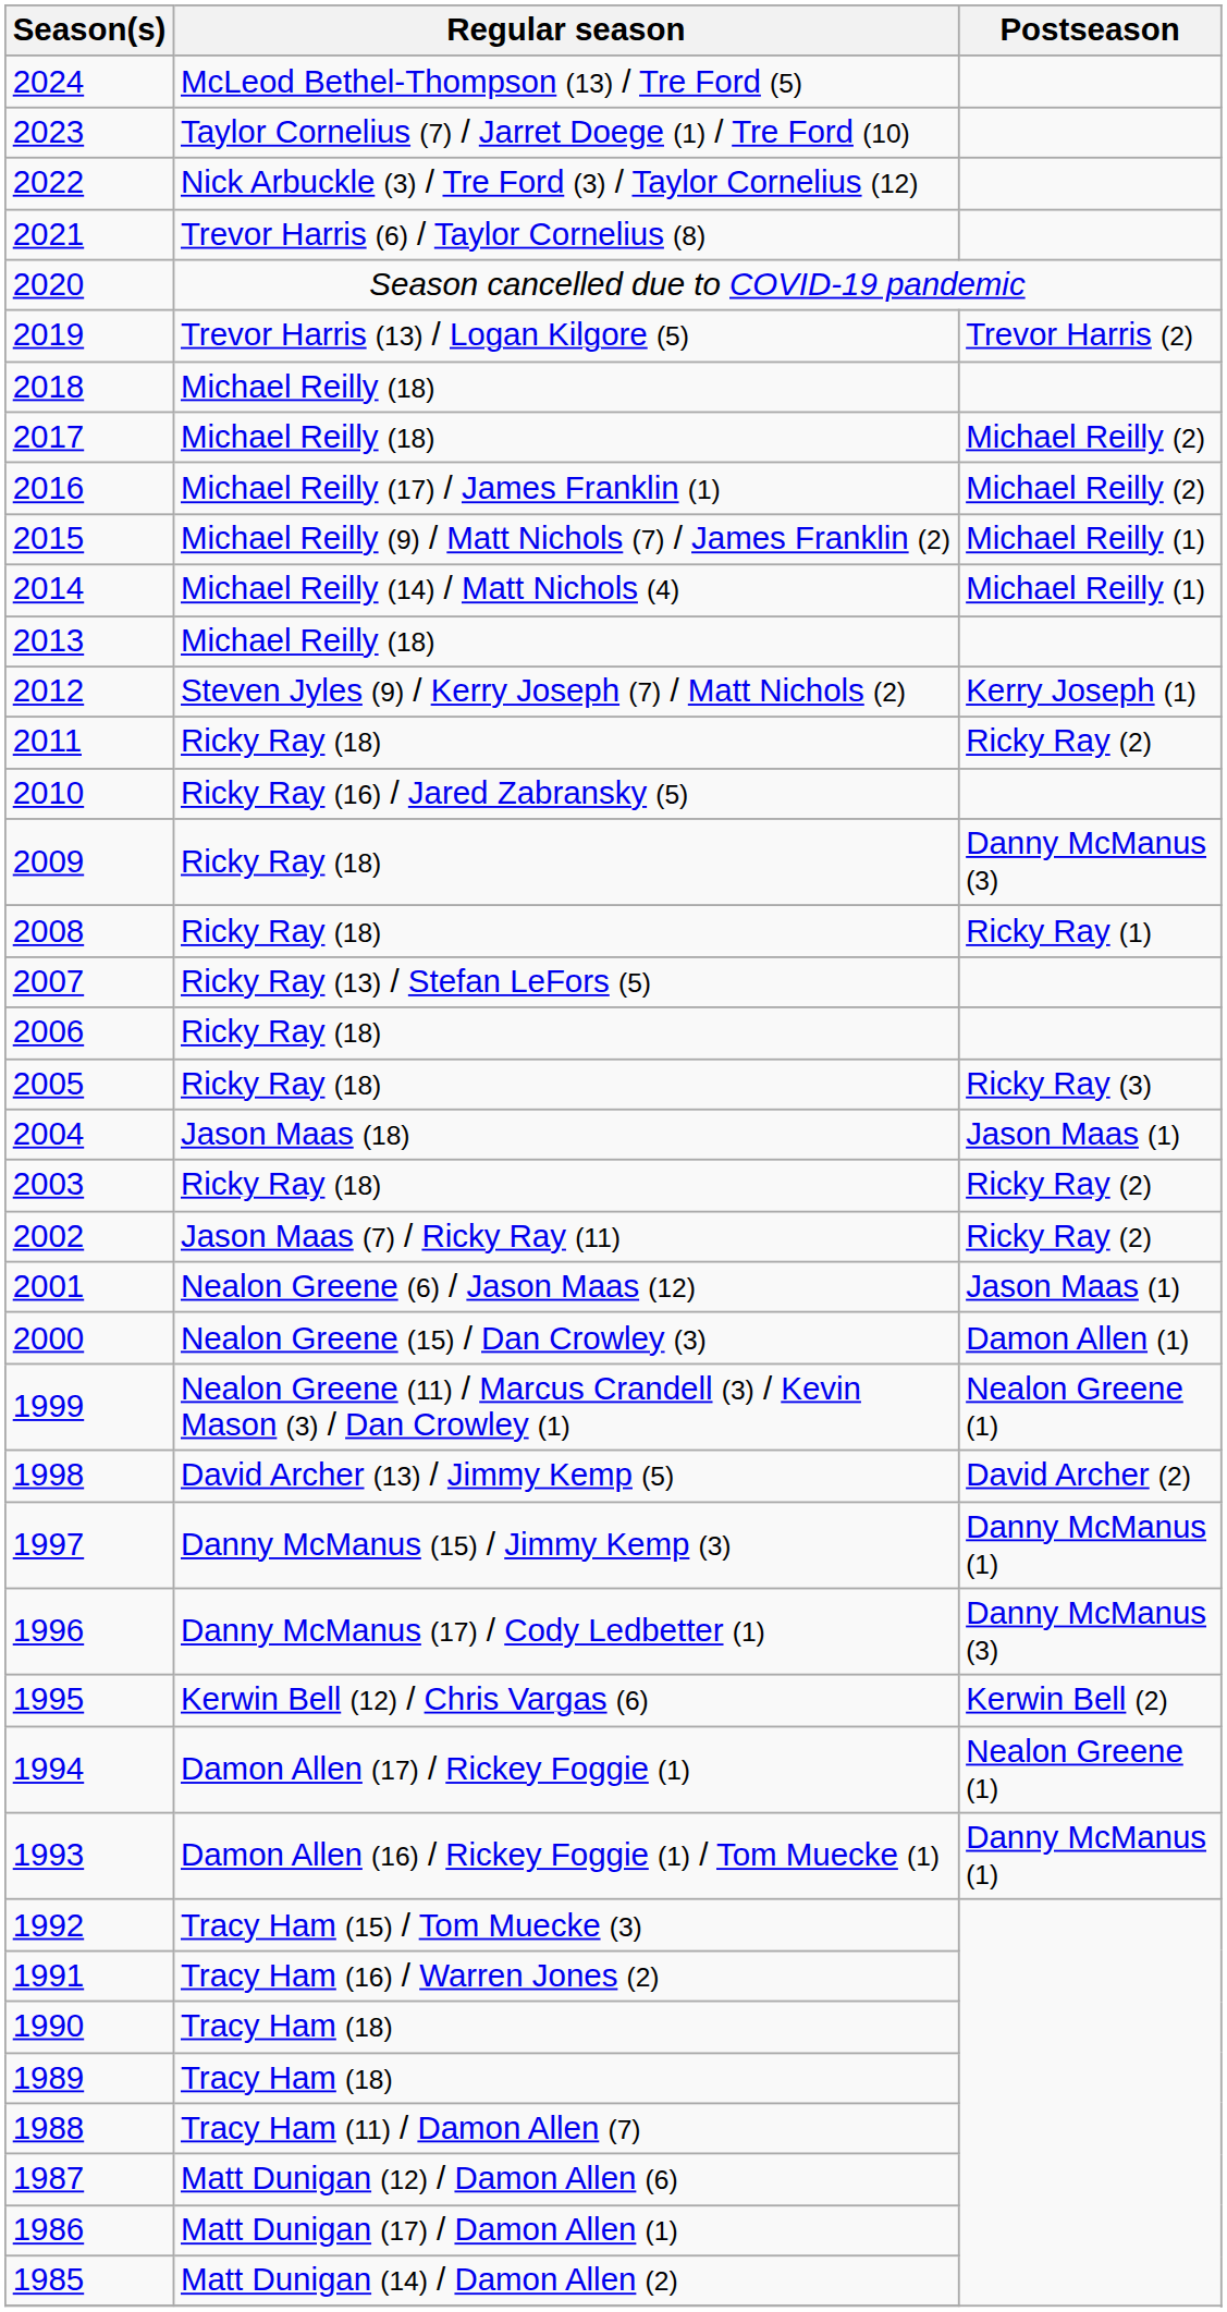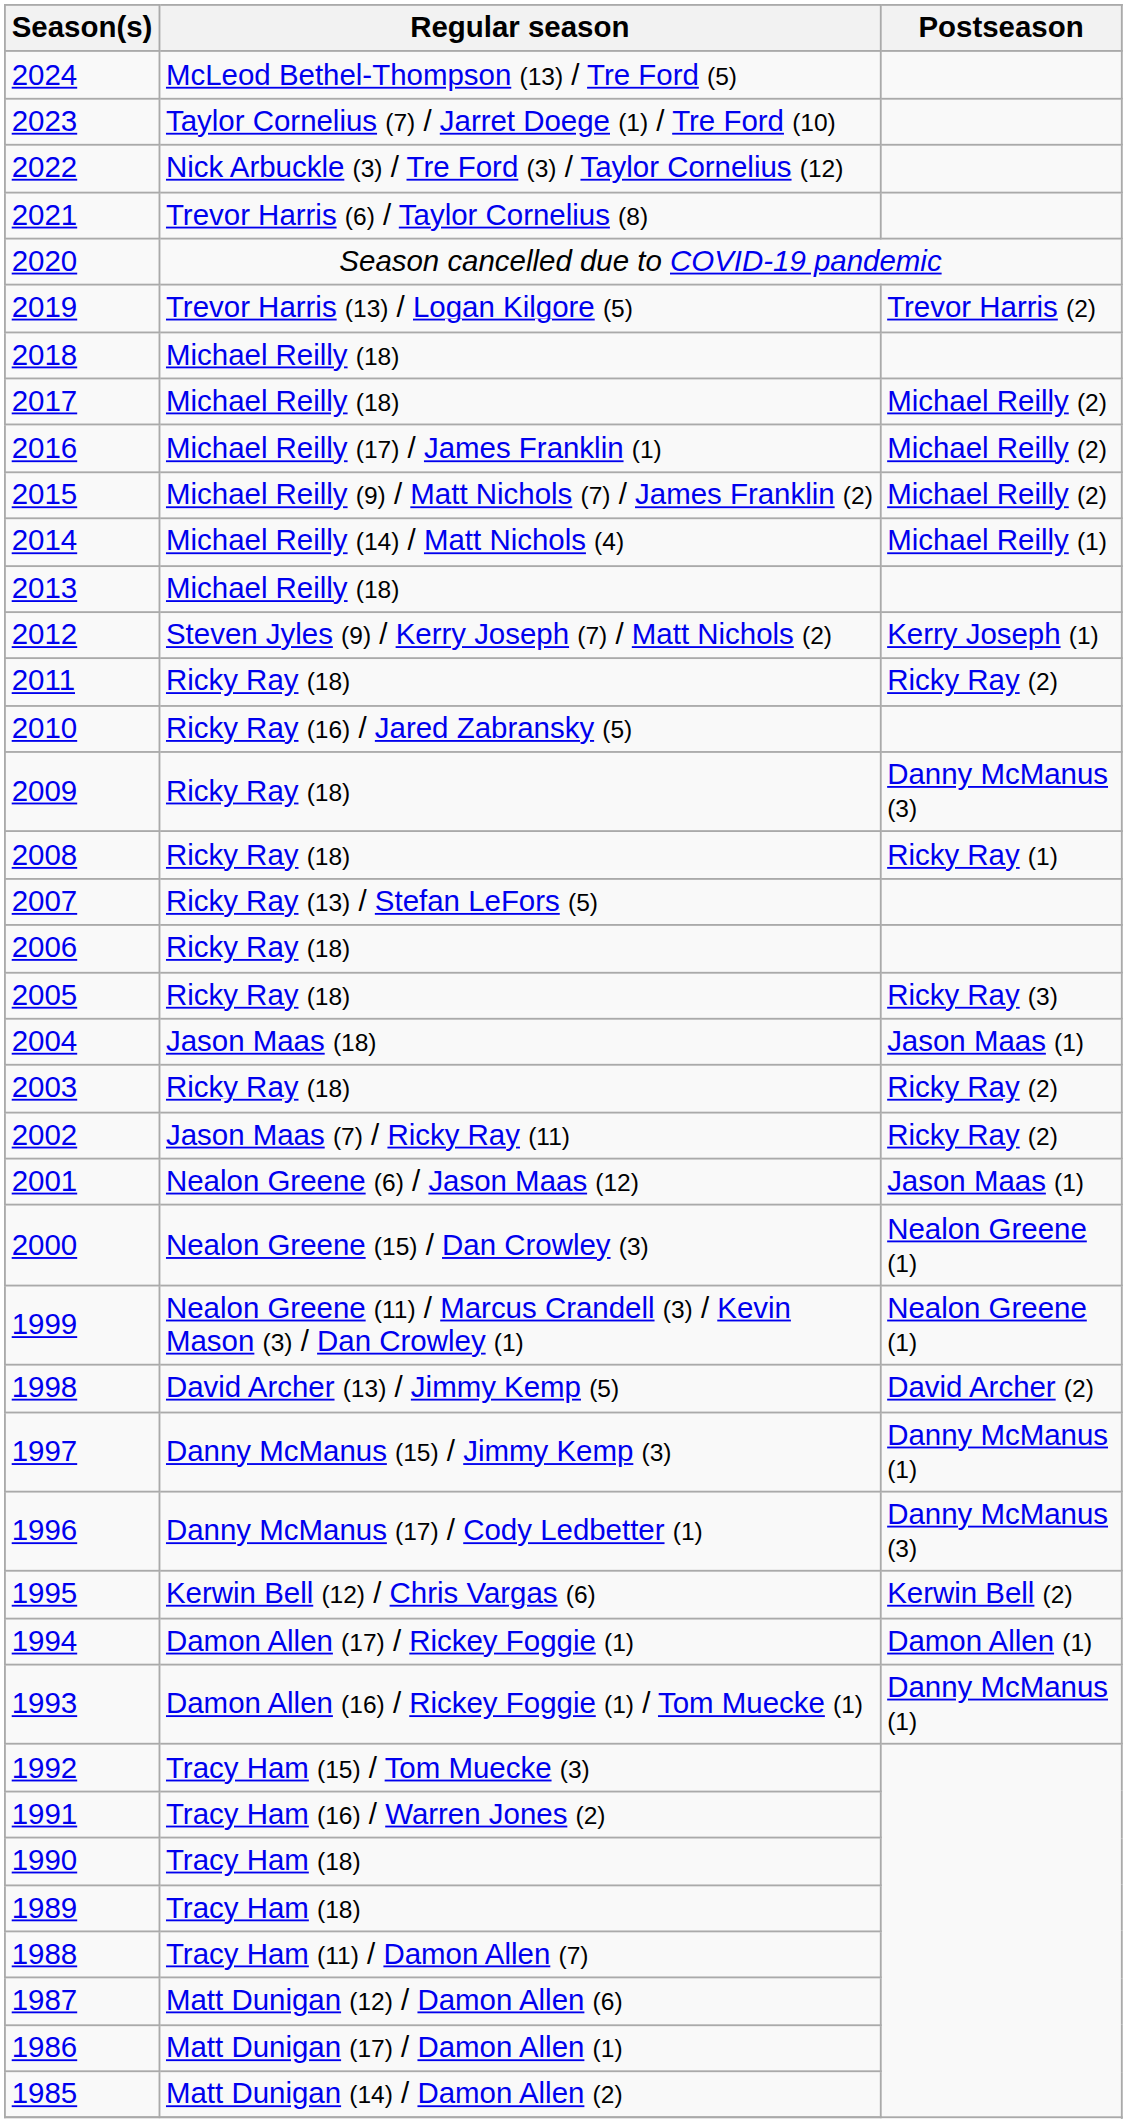 <table class="wikitable sortable">
 <tr>
 <th>Season(s)</th>
 <th>Regular season</th>
 <th>Postseason</th>
 </tr>
 <tr>
 <td align=left><a href='#'>2024</a></td>
 <td align=left><a href='#'>McLeod Bethel-Thompson</a> <small>(13)</small> / <a href='#'>Tre Ford</a> <small>(5)</small></td>
 <td></td>
 </tr>
 <tr>
 <td align=left><a href='#'>2023</a></td>
 <td align=left><a href='#'>Taylor Cornelius</a> <small>(7)</small> / <a href='#'>Jarret Doege</a> <small>(1)</small> / <a href='#'>Tre Ford</a> <small>(10)</small></td>
 <td></td>
 </tr>
 <tr>
 <td align=left><a href='#'>2022</a></td>
 <td align=left><a href='#'>Nick Arbuckle</a> <small>(3)</small> / <a href='#'>Tre Ford</a> <small>(3)</small> / <a href='#'>Taylor Cornelius</a> <small>(12)</small></td>
 <td></td>
 </tr>
 <tr>
 <td align=left><a href='#'>2021</a></td>
 <td align=left><a href='#'>Trevor Harris</a> <small>(6)</small> / <a href='#'>Taylor Cornelius</a> <small>(8)</small></td>
 <td></td>
 </tr>
 <tr>
 <td><a href='#'>2020</a></td>
 <td align="center" colSpan="2"><em>Season cancelled due to <a href='#'>COVID-19 pandemic</a></em></td>
 </tr>
 <tr>
 <td align=left><a href='#'>2019</a></td>
 <td align=left><a href='#'>Trevor Harris</a> <small>(13)</small> / <a href='#'>Logan Kilgore</a> <small>(5)</small></td>
 <td align=left><a href='#'>Trevor Harris</a> <small>(2)</small></td>
 </tr>
 <tr>
 <td align=left><a href='#'>2018</a></td>
 <td align=left><a href='#'>Michael Reilly</a> <small>(18)</small></td>
 <td></td>
 </tr>
 <tr>
 <td align=left><a href='#'>2017</a></td>
 <td align=left><a href='#'>Michael Reilly</a> <small>(18)</small></td>
 <td><a href='#'>Michael Reilly</a> <small>(2)</small></td>
 </tr>
 <tr>
 <td align=left><a href='#'>2016</a></td>
 <td align=left><a href='#'>Michael Reilly</a> <small>(17)</small> / <a href='#'>James Franklin</a> <small>(1)</small></td>
 <td align=left><a href='#'>Michael Reilly</a> <small>(2)</small></td>
 </tr>
 <tr>
 <td align=left><a href='#'>2015</a></td>
 <td align=left><a href='#'>Michael Reilly</a> <small>(9)</small> / <a href='#'>Matt Nichols</a> <small>(7)</small> / <a href='#'>James Franklin</a> <small>(2)</small></td>
-<td align=left><a href='#'>Michael Reilly</a> <small>(1)</small></td>
+<td align=left><a href='#'>Michael Reilly</a> <small>(2)</small></td>
 </tr>
 <tr>
 <td align=left><a href='#'>2014</a></td>
 <td align=left><a href='#'>Michael Reilly</a> <small>(14)</small> / <a href='#'>Matt Nichols</a> <small>(4)</small></td>
 <td align=left><a href='#'>Michael Reilly</a> <small>(1)</small></td>
 </tr>
 <tr>
 <td align=left><a href='#'>2013</a></td>
 <td align=left><a href='#'>Michael Reilly</a> <small>(18)</small></td>
 <td></td>
 </tr>
 <tr>
 <td align=left><a href='#'>2012</a></td>
 <td align=left><a href='#'>Steven Jyles</a> <small>(9)</small> / <a href='#'>Kerry Joseph</a> <small>(7)</small> / <a href='#'>Matt Nichols</a> <small>(2)</small></td>
 <td align=left><a href='#'>Kerry Joseph</a> <small>(1)</small></td>
 </tr>
 <tr>
 <td align=left><a href='#'>2011</a></td>
 <td align=left><a href='#'>Ricky Ray</a> <small>(18)</small></td>
 <td align=left><a href='#'>Ricky Ray</a> <small>(2)</small></td>
 </tr>
 <tr>
 <td align=left><a href='#'>2010</a></td>
 <td align=left><a href='#'>Ricky Ray</a> <small>(16)</small> / <a href='#'>Jared Zabransky</a> <small>(5)</small></td>
 <td></td>
 </tr>
 <tr>
 <td align=left><a href='#'>2009</a></td>
 <td align=left><a href='#'>Ricky Ray</a> <small>(18)</small></td>
 <td><a href='#'>Danny McManus</a> <small>(3)</small></td>
 </tr>
 <tr>
 <td align=left><a href='#'>2008</a></td>
 <td align=left><a href='#'>Ricky Ray</a> <small>(18)</small></td>
 <td align=left><a href='#'>Ricky Ray</a> <small>(1)</small></td>
 </tr>
 <tr>
 <td align=left><a href='#'>2007</a></td>
 <td align=left><a href='#'>Ricky Ray</a> <small>(13)</small> / <a href='#'>Stefan LeFors</a> <small>(5)</small></td>
 <td></td>
 </tr>
 <tr>
 <td align=left><a href='#'>2006</a></td>
 <td align=left><a href='#'>Ricky Ray</a> <small>(18)</small></td>
 <td></td>
 </tr>
 <tr>
 <td align=left><a href='#'>2005</a></td>
 <td align=left><a href='#'>Ricky Ray</a> <small>(18)</small></td>
 <td align=left><a href='#'>Ricky Ray</a> <small>(3)</small></td>
 </tr>
 <tr>
 <td align=left><a href='#'>2004</a></td>
 <td align=left><a href='#'>Jason Maas</a> <small>(18)</small></td>
 <td align=left><a href='#'>Jason Maas</a> <small>(1)</small></td>
 </tr>
 <tr>
 <td align=left><a href='#'>2003</a></td>
 <td align=left><a href='#'>Ricky Ray</a> <small>(18)</small></td>
 <td align=left><a href='#'>Ricky Ray</a> <small>(2)</small></td>
 </tr>
 <tr>
 <td align=left><a href='#'>2002</a></td>
 <td align=left><a href='#'>Jason Maas</a> <small>(7)</small> / <a href='#'>Ricky Ray</a> <small>(11)</small></td>
 <td align=left><a href='#'>Ricky Ray</a> <small>(2)</small></td>
 </tr>
 <tr>
 <td align=left><a href='#'>2001</a></td>
 <td align=left><a href='#'>Nealon Greene</a> <small>(6)</small> / <a href='#'>Jason Maas</a> <small>(12)</small></td>
 <td><a href='#'>Jason Maas</a> <small>(1)</small></td>
 </tr>
 <tr>
 <td align=left><a href='#'>2000</a></td>
 <td align=left><a href='#'>Nealon Greene</a> <small>(15)</small> / <a href='#'>Dan Crowley</a> <small>(3)</small></td>
-<td><a href='#'>Damon Allen</a> <small>(1)</small></td>
+<td><a href='#'>Nealon Greene</a> <small>(1)</small></td>
 </tr>
 <tr>
 <td align=left><a href='#'>1999</a></td>
 <td align=left><a href='#'>Nealon Greene</a> <small>(11)</small> / <a href='#'>Marcus Crandell</a> <small>(3)</small> / <a href='#'>Kevin Mason</a> <small>(3)</small> / <a href='#'>Dan Crowley</a> <small>(1)</small></td>
 <td><a href='#'>Nealon Greene</a> <small>(1)</small></td>
 </tr>
 <tr>
 <td align=left><a href='#'>1998</a></td>
 <td align=left><a href='#'>David Archer</a> <small>(13)</small> / <a href='#'>Jimmy Kemp</a> <small>(5)</small></td>
 <td><a href='#'>David Archer</a> <small>(2)</small></td>
 </tr>
 <tr>
 <td align=left><a href='#'>1997</a></td>
 <td align=left><a href='#'>Danny McManus</a> <small>(15)</small> / <a href='#'>Jimmy Kemp</a> <small>(3)</small></td>
 <td><a href='#'>Danny McManus</a> <small>(1)</small></td>
 </tr>
 <tr>
 <td align=left><a href='#'>1996</a></td>
 <td align=left><a href='#'>Danny McManus</a> <small>(17)</small> / <a href='#'>Cody Ledbetter</a> <small>(1)</small></td>
 <td><a href='#'>Danny McManus</a> <small>(3)</small></td>
 </tr>
 <tr>
 <td align=left><a href='#'>1995</a></td>
 <td align=left><a href='#'>Kerwin Bell</a> <small>(12)</small> / <a href='#'>Chris Vargas</a> <small>(6)</small></td>
 <td><a href='#'>Kerwin Bell</a> <small>(2)</small></td>
 </tr>
 <tr>
 <td align=left><a href='#'>1994</a></td>
 <td align=left><a href='#'>Damon Allen</a> <small>(17)</small> / <a href='#'>Rickey Foggie</a> <small>(1)</small></td>
-<td><a href='#'>Nealon Greene</a> <small>(1)</small></td>
+<td><a href='#'>Damon Allen</a> <small>(1)</small></td>
 </tr>
 <tr>
 <td align=left><a href='#'>1993</a></td>
 <td align=left><a href='#'>Damon Allen</a> <small>(16)</small> / <a href='#'>Rickey Foggie</a> <small>(1)</small> / <a href='#'>Tom Muecke</a> <small>(1)</small></td>
 <td><a href='#'>Danny McManus</a> <small>(1)</small></td>
 </tr>
 <tr>
 <td align=left><a href='#'>1992</a></td>
 <td align=left><a href='#'>Tracy Ham</a> <small>(15)</small> / <a href='#'>Tom Muecke</a> <small>(3)</small></td>
 </tr>
 <tr>
 <td align=left><a href='#'>1991</a></td>
 <td align=left><a href='#'>Tracy Ham</a> <small>(16)</small> / <a href='#'>Warren Jones</a> <small>(2)</small></td>
 </tr>
 <tr>
 <td align=left><a href='#'>1990</a></td>
 <td align=left><a href='#'>Tracy Ham</a> <small>(18)</small></td>
 </tr>
 <tr>
 <td align=left><a href='#'>1989</a></td>
 <td align=left><a href='#'>Tracy Ham</a> <small>(18)</small></td>
 </tr>
 <tr>
 <td align=left><a href='#'>1988</a></td>
 <td align=left><a href='#'>Tracy Ham</a> <small>(11)</small> / <a href='#'>Damon Allen</a> <small>(7)</small></td>
 </tr>
 <tr>
 <td align=left><a href='#'>1987</a></td>
 <td align=left><a href='#'>Matt Dunigan</a> <small>(12)</small> / <a href='#'>Damon Allen</a> <small>(6)</small></td>
 </tr>
 <tr>
 <td align=left><a href='#'>1986</a></td>
 <td align=left><a href='#'>Matt Dunigan</a> <small>(17)</small> / <a href='#'>Damon Allen</a> <small>(1)</small></td>
 </tr>
 <tr>
 <td align=left><a href='#'>1985</a></td>
 <td align=left><a href='#'>Matt Dunigan</a> <small>(14)</small> / <a href='#'>Damon Allen</a> <small>(2)</small><br></td>
 </tr>
 <tr>
 </tr>
 </table>
